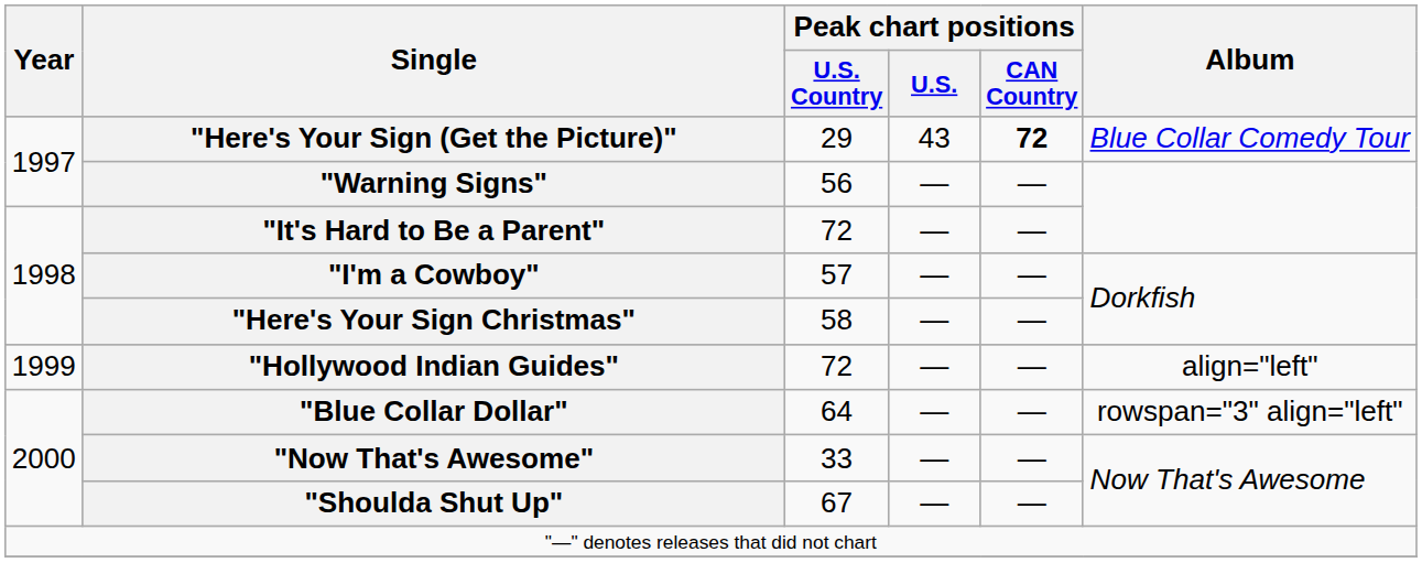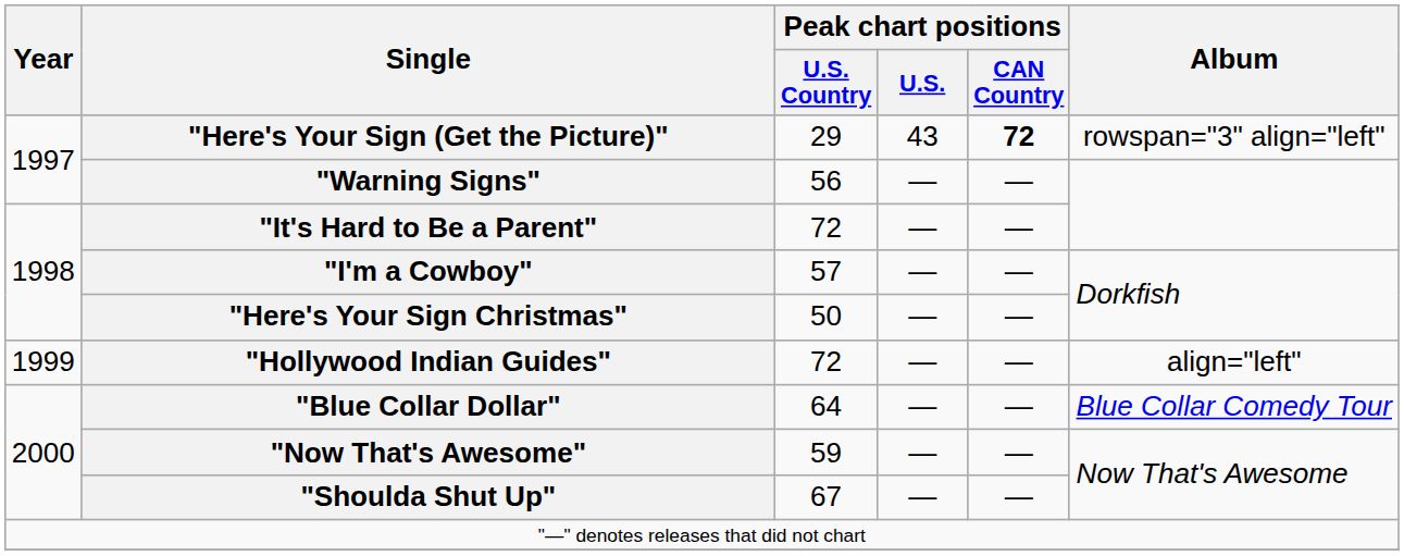 <table class="wikitable plainrowheaders" style="text-align:center;">
 <tr>
 <th rowspan="2">Year</th>
 <th rowspan="2" style="width:24em;">Single</th>
 <th colspan="3">Peak chart positions</th>
 <th rowspan="2">Album</th>
 </tr>
 <tr style="font-size:smaller;">
 <th width="45"><a href='#'>U.S. Country</a></th>
 <th width="45"><a href='#'>U.S.</a></th>
 <th width="45"><a href='#'>CAN Country</a></th>
 </tr>
 <tr>
 <td rowspan="2">1997</td>
 <th scope="row">"Here's Your Sign (Get the Picture)" </th>
 <td>29</td>
 <td>43</td>
 <td><strong>72</strong></td>
-<td align="left"><em><a href='#'>Blue Collar Comedy Tour</a></em></td>
+<td>rowspan="3" align="left" </td>
 </tr>
 <tr>
 <th scope="row">"Warning Signs" </th>
 <td>56</td>
 <td>—</td>
 <td>—</td>
 </tr>
 <tr>
 <td rowspan="3">1998</td>
 <th scope="row">"It's Hard to Be a Parent"</th>
 <td>72</td>
 <td>—</td>
 <td>—</td>
 </tr>
 <tr>
 <th scope="row">"I'm a Cowboy"</th>
 <td>57</td>
 <td>—</td>
 <td>—</td>
 <td rowspan="2" align="left"><em>Dorkfish</em></td>
 </tr>
 <tr>
 <th scope="row">"Here's Your Sign Christmas"</th>
-<td>58</td>
+<td>50</td>
 <td>—</td>
 <td>—</td>
 </tr>
 <tr>
 <td>1999</td>
 <th scope="row">"Hollywood Indian Guides"</th>
 <td>72</td>
 <td>—</td>
 <td>—</td>
 <td>align="left" </td>
 </tr>
 <tr>
 <td rowspan="3">2000</td>
 <th scope="row">"Blue Collar Dollar" <br></th>
 <td>64</td>
 <td>—</td>
 <td>—</td>
-<td>rowspan="3" align="left" </td>
+<td align="left"><em><a href='#'>Blue Collar Comedy Tour</a></em></td>
 </tr>
 <tr>
 <th scope="row">"Now That's Awesome"<br></th>
-<td>33</td>
+<td>59</td>
 <td>—</td>
 <td>—</td>
 <td rowspan="2" align="left"><em>Now That's Awesome</em></td>
 </tr>
 <tr>
 <th scope="row">"Shoulda Shut Up" </th>
 <td>67</td>
 <td>—</td>
 <td>—</td>
 </tr>
 <tr>
 <td colspan="6" style="font-size:8pt">"—" denotes releases that did not chart</td>
 </tr>
 <tr>
 </tr>
 </table>
